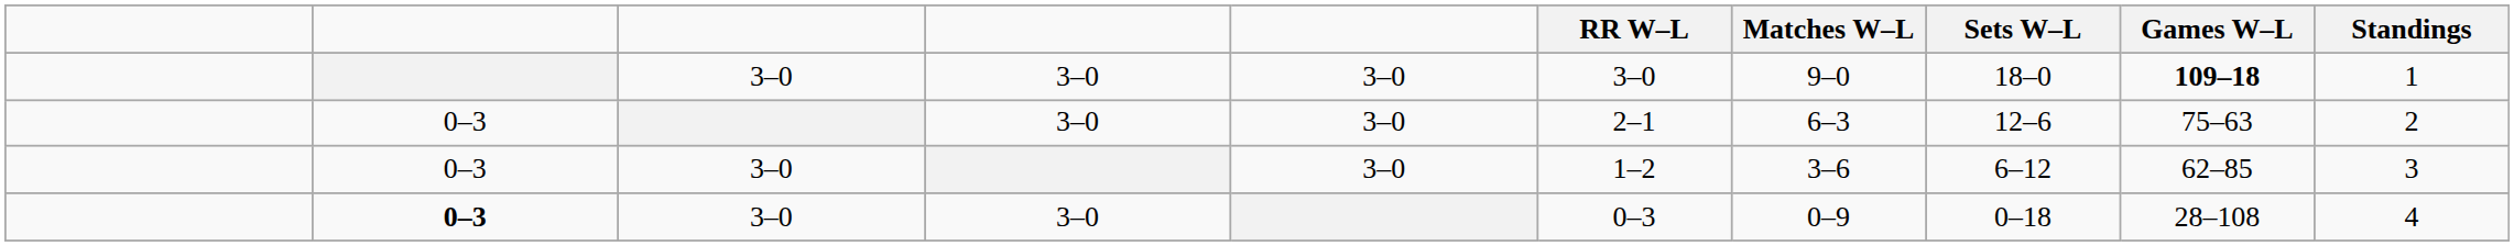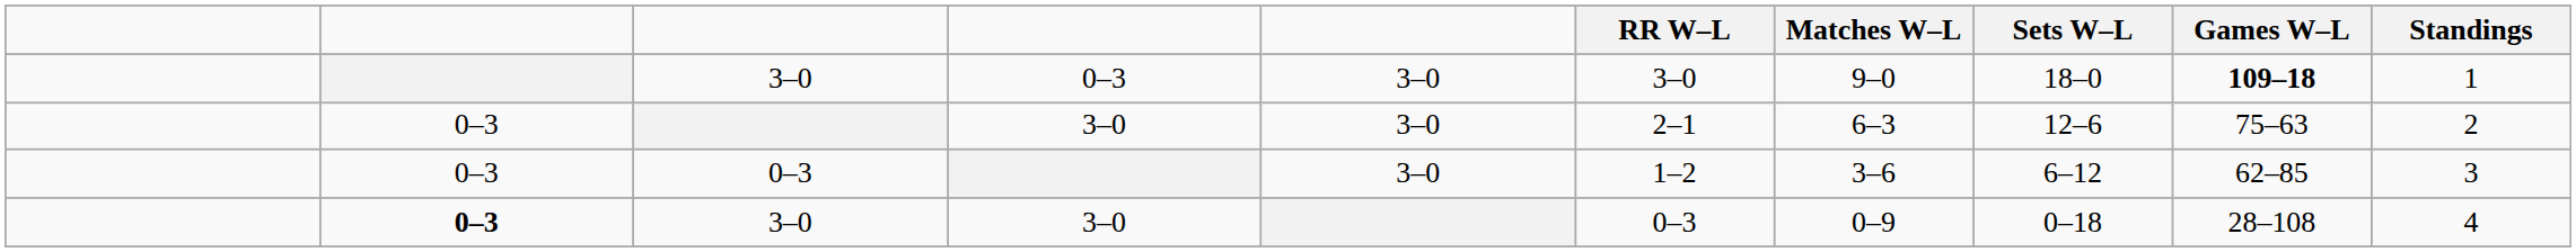 <table class="wikitable" style="width: 100%; text-align:center; font-size:90%">
 <tr>
 <td width=130></td>
 <td width=130></td>
 <td width=130></td>
 <td width=130></td>
 <td width=130></td>
 <th width=80>RR W–L</th>
 <th width=80>Matches W–L</th>
 <th width=80>Sets W–L</th>
 <th width=80>Games W–L</th>
 <th width=80>Standings</th>
 </tr>
 <tr>
 <td style="text-align:left;"></td>
 <th bgcolor="ededed"></th>
 <td>3–0</td>
-<td>3–0</td>
+<td>0–3</td>
 <td>3–0</td>
 <td>3–0</td>
 <td>9–0</td>
 <td>18–0</td>
 <td><strong>109–18</strong></td>
 <td>1</td>
 </tr>
 <tr>
 <td style="text-align:left;"></td>
 <td>0–3</td>
 <th bgcolor="ededed"></th>
 <td>3–0</td>
 <td>3–0</td>
 <td>2–1</td>
 <td>6–3</td>
 <td>12–6</td>
 <td>75–63</td>
 <td>2</td>
 </tr>
 <tr>
 <td style="text-align:left;"></td>
 <td>0–3</td>
-<td>3–0</td>
+<td>0–3</td>
 <th bgcolor="ededed"></th>
 <td>3–0</td>
 <td>1–2</td>
 <td>3–6</td>
 <td>6–12</td>
 <td>62–85</td>
 <td>3</td>
 </tr>
 <tr>
 <td style="text-align:left;"></td>
 <td><strong>0–3</strong></td>
 <td>3–0</td>
 <td>3–0</td>
 <th bgcolor="ededed"></th>
 <td>0–3</td>
 <td>0–9</td>
 <td>0–18</td>
 <td>28–108</td>
 <td>4</td>
 </tr>
 </table>
